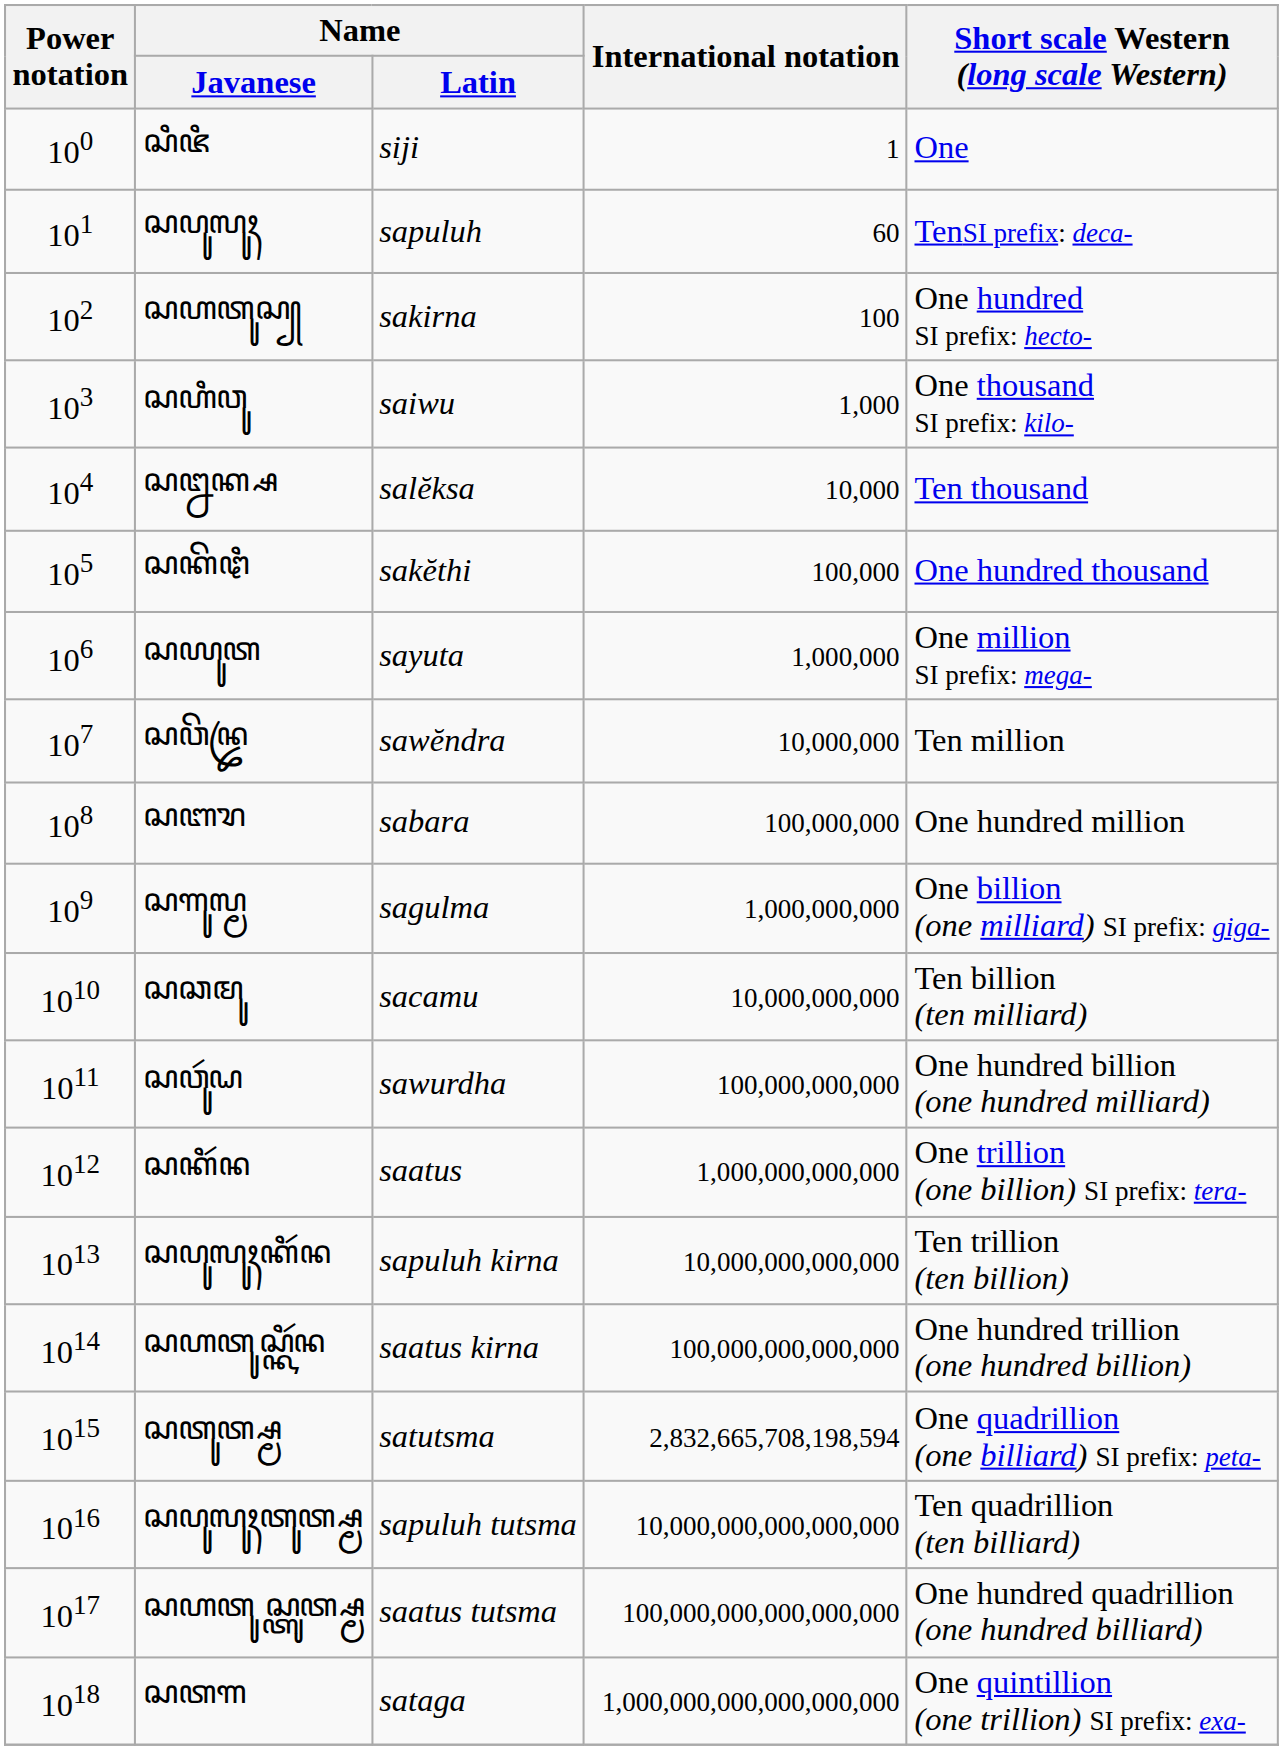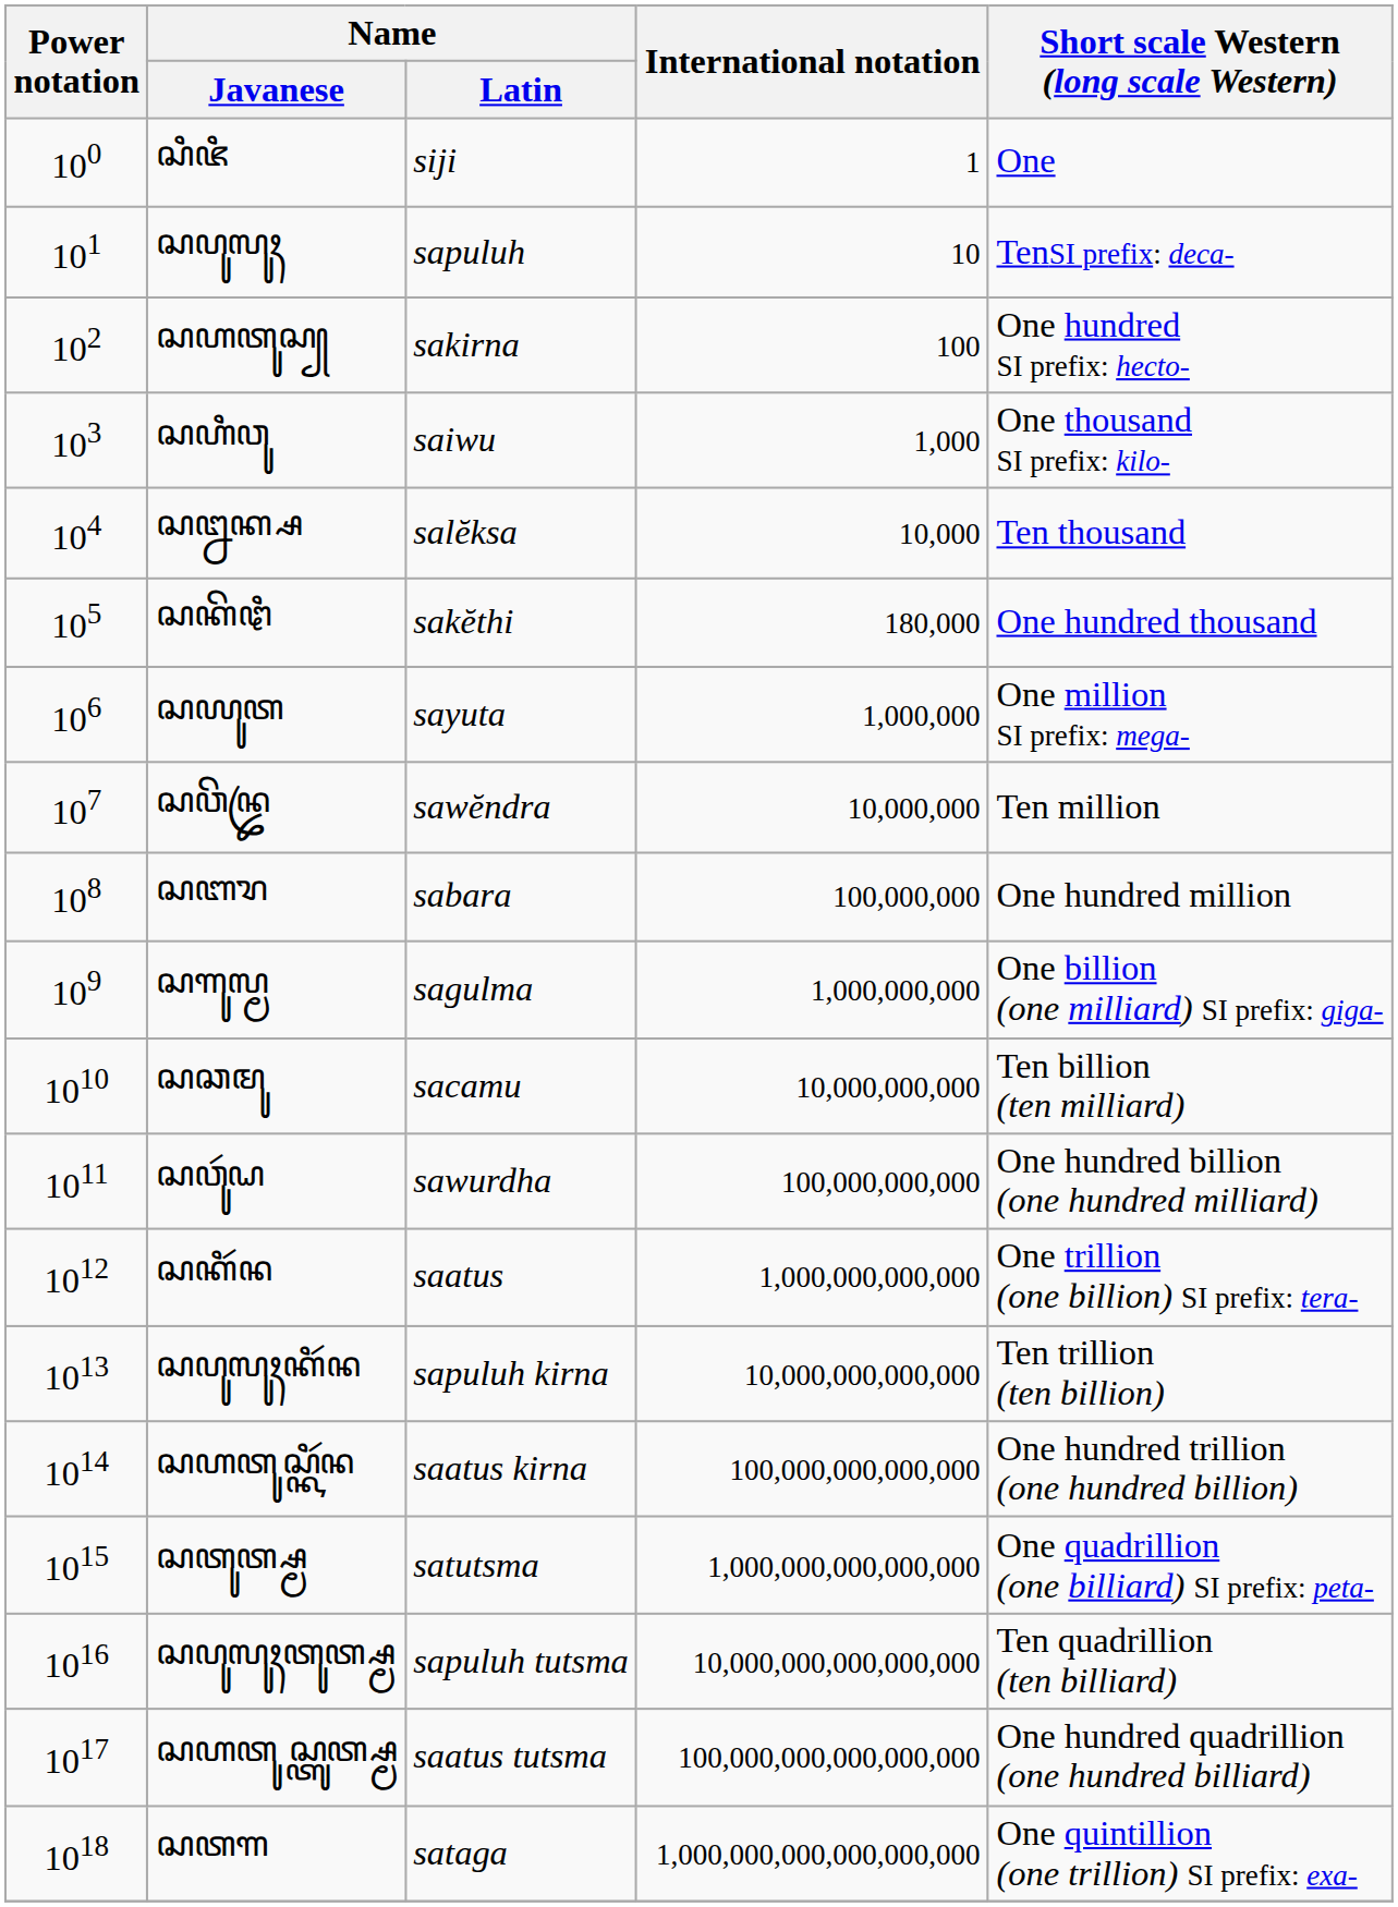 <table class="wikitable" style="clear:both;text-align:left">
 <tr>
 <th rowspan="2">Power<br>notation</th>
 <th colspan="2">Name</th>
 <th rowspan="2">International notation</th>
 <th rowspan="2"><a href='#'>Short scale</a> Western<br><em>(<a href='#'>long scale</a> Western)</em></th>
 </tr>
 <tr>
 <th><a href='#'>Javanese</a></th>
 <th><a href='#'>Latin</a></th>
 </tr>
 <tr>
 <td style="text-align:center">10<sup>0</sup></td>
 <td>ꦱꦶꦗꦶ</td>
 <td><em>siji</em></td>
 <td style="text-align:right"><small>1</small></td>
 <td><a href='#'>One</a></td>
 </tr>
 <tr>
 <td style="text-align:center">10<sup>1</sup></td>
 <td>ꦱꦥꦸꦭꦸꦃ</td>
 <td><em>sapuluh</em></td>
-<td style="text-align:right"><small>60</small></td>
+<td style="text-align:right"><small>10</small></td>
 <td><a href='#'>Ten</a><small><a href='#'>SI prefix</a>: <em><a href='#'>deca-</a></em></small></td>
 </tr>
 <tr>
 <td style="text-align:center">10<sup>2</sup></td>
 <td>ꦱꦲꦠꦸꦱ꧀</td>
 <td><em>sakirna</em></td>
 <td style="text-align:right"><small>100</small></td>
 <td>One <a href='#'>hundred</a><br><small>SI prefix: <em><a href='#'>hecto-</a></em></small></td>
 </tr>
 <tr>
 <td style="text-align:center">10<sup>3</sup></td>
 <td>ꦱꦲꦶꦮꦸ</td>
 <td><em>saiwu</em></td>
 <td style="text-align:right"><small>1,000</small></td>
 <td>One <a href='#'>thousand</a><br><small>SI prefix: <em><a href='#'>kilo-</a></em></small></td>
 </tr>
 <tr>
 <td style="text-align:center">10<sup>4</sup></td>
 <td>ꦱꦊꦏ꧀ꦱ</td>
 <td><em>salĕksa</em></td>
 <td style="text-align:right"><small>10,000</small></td>
 <td><a href='#'>Ten thousand</a></td>
 </tr>
 <tr>
 <td style="text-align:center">10<sup>5</sup></td>
 <td>ꦱꦏꦼꦛꦶ</td>
 <td><em>sakĕthi</em></td>
-<td style="text-align:right"><small>100,000</small></td>
+<td style="text-align:right"><small>180,000</small></td>
 <td><a href='#'>One hundred thousand</a></td>
 </tr>
 <tr>
 <td style="text-align:center">10<sup>6</sup></td>
 <td>ꦱꦪꦸꦠ</td>
 <td><em>sayuta</em></td>
 <td style="text-align:right"><small>1,000,000</small></td>
 <td>One <a href='#'>million</a><br><small>SI prefix: <em><a href='#'>mega-</a></em></small></td>
 </tr>
 <tr>
 <td style="text-align:center">10<sup>7</sup></td>
 <td>ꦱꦮꦼꦤ꧀ꦢꦿ</td>
 <td><em>sawĕndra</em></td>
 <td style="text-align:right"><small>10,000,000</small></td>
 <td>Ten million</td>
 </tr>
 <tr>
 <td style="text-align:center">10<sup>8</sup></td>
 <td>ꦱꦧꦫ</td>
 <td><em>sabara</em></td>
 <td style="text-align:right"><small>100,000,000</small></td>
 <td>One hundred million</td>
 </tr>
 <tr>
 <td style="text-align:center">10<sup>9</sup></td>
 <td>ꦱꦒꦸꦭ꧀ꦩ</td>
 <td><em>sagulma</em></td>
 <td style="text-align:right"><small>1,000,000,000</small></td>
 <td>One <a href='#'>billion</a><br><em>(one <a href='#'>milliard</a>)</em> <small>SI prefix: <em><a href='#'>giga-</a></em></small></td>
 </tr>
 <tr>
 <td style="text-align:center">10<sup>10</sup></td>
 <td>ꦱꦕꦩꦸ</td>
 <td><em>sacamu</em></td>
 <td style="text-align:right"><small>10,000,000,000</small></td>
 <td>Ten billion<br><em>(ten milliard)</em></td>
 </tr>
 <tr>
 <td style="text-align:center">10<sup>11</sup></td>
 <td>ꦱꦮꦸꦂꦝ</td>
 <td><em>sawurdha</em></td>
 <td style="text-align:right"><small>100,000,000,000</small></td>
 <td>One hundred billion<br><em>(one hundred milliard)</em></td>
 </tr>
 <tr>
 <td style="text-align:center">10<sup>12</sup></td>
 <td>ꦱꦏꦶꦂꦤ</td>
 <td><em>saatus</em></td>
 <td style="text-align:right"><small>1,000,000,000,000</small></td>
 <td>One <a href='#'>trillion</a><br><em>(one billion)</em> <small>SI prefix: <em><a href='#'>tera-</a></em></small></td>
 </tr>
 <tr>
 <td style="text-align:center">10<sup>13</sup></td>
 <td>ꦱꦥꦸꦭꦸꦃꦏꦶꦂꦤ</td>
 <td><em>sapuluh kirna</em></td>
 <td style="text-align:right"><small>10,000,000,000,000</small></td>
 <td>Ten trillion<br><em>(ten billion)</em></td>
 </tr>
 <tr>
 <td style="text-align:center">10<sup>14</sup></td>
 <td>ꦱꦲꦠꦸꦱ꧀ꦏꦶꦂꦤ</td>
 <td><em>saatus kirna</em></td>
 <td style="text-align:right"><small>100,000,000,000,000</small></td>
 <td>One hundred trillion<br><em>(one hundred billion)</em></td>
 </tr>
 <tr>
 <td style="text-align:center">10<sup>15</sup></td>
 <td>ꦱꦠꦸꦠ꧀ꦱ꧀ꦩ</td>
 <td><em>satutsma</em></td>
-<td style="text-align:right"><small>2,832,665,708,198,594</small></td>
+<td style="text-align:right"><small>1,000,000,000,000,000</small></td>
 <td>One <a href='#'>quadrillion</a><br><em>(one <a href='#'>billiard</a>)</em> <small>SI prefix: <em><a href='#'>peta-</a></em></small></td>
 </tr>
 <tr>
 <td style="text-align:center">10<sup>16</sup></td>
 <td>ꦱꦥꦸꦭꦸꦃꦠꦸꦠ꧀ꦱ꧀ꦩ</td>
 <td><em>sapuluh tutsma</em></td>
 <td style="text-align:right"><small>10,000,000,000,000,000</small></td>
 <td>Ten quadrillion<br><em>(ten billiard)</em></td>
 </tr>
 <tr>
 <td style="text-align:center">10<sup>17</sup></td>
 <td>ꦱꦲꦠꦸꦱ꧀ꦠꦸꦠ꧀ꦱ꧀ꦩ</td>
 <td><em>saatus tutsma</em></td>
 <td style="text-align:right"><small>100,000,000,000,000,000</small></td>
 <td>One hundred quadrillion<br><em>(one hundred billiard)</em></td>
 </tr>
 <tr>
 <td style="text-align:center">10<sup>18</sup></td>
 <td>ꦱꦠꦒ</td>
 <td><em>sataga</em></td>
 <td style="text-align:right"><small>1,000,000,000,000,000,000</small></td>
 <td>One <a href='#'>quintillion</a><br><em>(one trillion)</em> <small>SI prefix: <em><a href='#'>exa-</a></em></small></td>
 </tr>
 <tr>
 </tr>
 </table>
